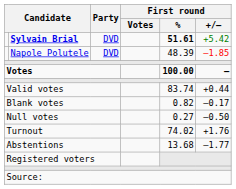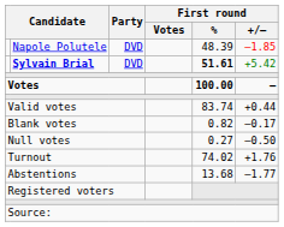 <table class="wikitable" style="text-align:right;font-size:95%;">
 <tr>
 <th rowspan="2" colspan="2">Candidate</th>
 <th rowspan="2">Party</th>
 <th colspan="3">First round</th>
 </tr>
 <tr>
 <th style="width:50px;">Votes</th>
 <th style="width:45px;">%</th>
 <th style="width:45px;">+/–</th>
 </tr>
 <tr>
 <td style="background:"></td>
+<td style="text-align:left;"><a href='#'>Napole Polutele</a></td>
+<td><a href='#'>DVD</a></td>
+<td></td>
+<td>48.39</td>
+<td style="color:red;">–1.85</td>
+</tr>
+<tr>
+<td style="background:"></td>
 <td style="text-align:left;"><strong><a href='#'>Sylvain Brial</a></strong></td>
 <td><a href='#'>DVD</a></td>
 <td><strong></strong></td>
 <td><strong>51.61</strong></td>
 <td style="color:green;">+5.42</td>
-</tr>
-<tr>
-<td style="background:"></td>
-<td style="text-align:left;"><a href='#'>Napole Polutele</a></td>
-<td><a href='#'>DVD</a></td>
-<td></td>
-<td>48.39</td>
-<td style="color:red;">–1.85</td>
 </tr>
 <tr>
 <td colspan="6" style="background:#E9E9E9;"></td>
 </tr>
 <tr style="font-weight:bold;">
 <td colspan="3" style="text-align:left;">Votes</td>
 <td></td>
 <td>100.00</td>
 <td>–</td>
 </tr>
 <tr>
 <td colspan="6" style="background:#E9E9E9;"></td>
 </tr>
 <tr>
 <td colspan="3" style="text-align:left;">Valid votes</td>
 <td></td>
 <td>83.74</td>
 <td>+0.44</td>
 </tr>
 <tr>
 <td colspan="3" style="text-align:left;">Blank votes</td>
 <td></td>
 <td>0.82</td>
 <td>–0.17</td>
 </tr>
 <tr>
 <td colspan="3" style="text-align:left;">Null votes</td>
 <td></td>
 <td>0.27</td>
 <td>–0.50</td>
 </tr>
 <tr>
 <td colspan="3" style="text-align:left;">Turnout</td>
 <td></td>
 <td>74.02</td>
 <td>+1.76</td>
 </tr>
 <tr>
 <td colspan="3" style="text-align:left;">Abstentions</td>
 <td></td>
 <td>13.68</td>
 <td>–1.77</td>
 </tr>
 <tr>
 <td colspan="3" style="text-align:left;">Registered voters</td>
 <td></td>
 <td colspan="2" style="background:#E9E9E9;"></td>
 </tr>
 <tr>
 <td colspan="6" style="background:#E9E9E9;"></td>
 </tr>
 <tr>
 <td colspan="6" style="text-align:left;">Source: </td>
 </tr>
 </table>
